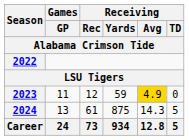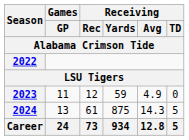 <table class="wikitable" style="text-align:center;">
 <tr>
 <th rowspan="2">Season</th>
 <th>Games</th>
 <th colspan="4">Receiving</th>
 </tr>
 <tr>
 <th>GP</th>
 <th>Rec</th>
 <th>Yards</th>
 <th>Avg</th>
 <th>TD</th>
 </tr>
 <tr>
 <th colspan="6">Alabama Crimson Tide</th>
 </tr>
 <tr>
 <th><a href='#'>2022</a></th>
 <td colspan="5"></td>
 </tr>
 <tr>
 <th colspan="6">LSU Tigers</th>
 </tr>
 <tr>
 <th><a href='#'>2023</a></th>
 <td>11</td>
 <td>12</td>
 <td>59</td>
-<td style="background: gold;">4.9</td>
+<td>4.9</td>
 <td>0</td>
 </tr>
 <tr>
 <th><a href='#'>2024</a></th>
 <td>13</td>
 <td>61</td>
 <td>875</td>
 <td>14.3</td>
 <td>5</td>
 </tr>
 <tr>
 <th>Career</th>
 <th>24</th>
 <th>73</th>
 <th>934</th>
 <th>12.8</th>
 <th>5</th>
 </tr>
 </table>
